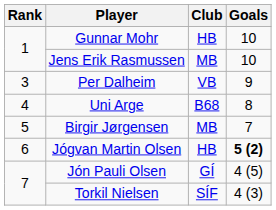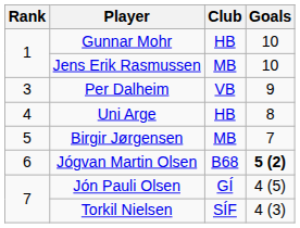 <table class="wikitable" style="text-align: center;">
 <tr>
 <th>Rank</th>
 <th>Player</th>
 <th>Club</th>
 <th>Goals</th>
 </tr>
 <tr>
 <td rowspan=2>1</td>
 <td> <a href='#'>Gunnar Mohr</a></td>
 <td><a href='#'>HB</a></td>
 <td>10</td>
 </tr>
 <tr>
 <td> <a href='#'>Jens Erik Rasmussen</a></td>
 <td><a href='#'>MB</a></td>
 <td>10</td>
 </tr>
 <tr>
 <td>3</td>
 <td> <a href='#'>Per Dalheim</a></td>
 <td><a href='#'>VB</a></td>
 <td>9</td>
 </tr>
 <tr>
 <td>4</td>
 <td> <a href='#'>Uni Arge</a></td>
-<td><a href='#'>B68</a></td>
+<td><a href='#'>HB</a></td>
 <td>8</td>
 </tr>
 <tr>
 <td>5</td>
 <td> <a href='#'>Birgir Jørgensen</a></td>
 <td><a href='#'>MB</a></td>
 <td>7</td>
 </tr>
 <tr>
 <td>6</td>
 <td> <a href='#'>Jógvan Martin Olsen</a></td>
-<td><a href='#'>HB</a></td>
+<td><a href='#'>B68</a></td>
 <td><strong>5 (2)</strong></td>
 </tr>
 <tr>
 <td rowspan=2>7</td>
 <td> <a href='#'>Jón Pauli Olsen</a></td>
 <td><a href='#'>GÍ</a></td>
 <td>4 (5)</td>
 </tr>
 <tr>
 <td> <a href='#'>Torkil Nielsen</a></td>
 <td><a href='#'>SÍF</a></td>
 <td>4 (3)</td>
 </tr>
 </table>
